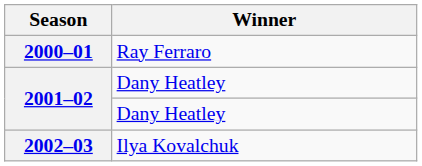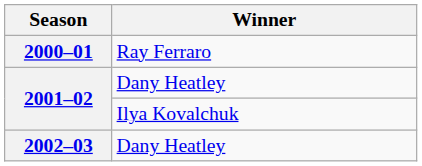 <table class="wikitable">
 <tr>
 <th scope="col" style="width:5em">Season</th>
 <th scope="col" style="width:15em">Winner</th>
 </tr>
 <tr>
 <th scope="row"><a href='#'>2000–01</a></th>
 <td><a href='#'>Ray Ferraro</a></td>
 </tr>
 <tr>
 <th scope="row" rowspan="2"><a href='#'>2001–02</a></th>
 <td><a href='#'>Dany Heatley</a></td>
 </tr>
 <tr>
-<td><a href='#'>Dany Heatley</a></td>
+<td><a href='#'>Ilya Kovalchuk</a></td>
 </tr>
 <tr>
 <th scope="row"><a href='#'>2002–03</a></th>
-<td><a href='#'>Ilya Kovalchuk</a></td>
+<td><a href='#'>Dany Heatley</a></td>
 </tr>
 </table>
